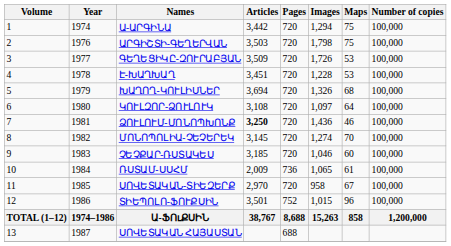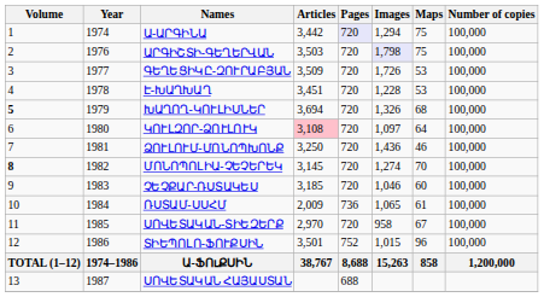 <table class="wikitable">
 <tr>
 <th>Volume</th>
 <th>Year</th>
 <th>Names</th>
 <th>Articles</th>
 <th>Pages</th>
 <th>Images</th>
 <th>Maps</th>
 <th>Number of copies</th>
 </tr>
 <tr>
 <td>1</td>
 <td>1974</td>
 <td><a href='#'>Ա-ԱՐԳԻՆԱ</a></td>
 <td>3,442</td>
-<td>720</td>
+<td style="background: lavender;">720</td>
 <td>1,294</td>
 <td>75</td>
 <td>100,000</td>
 </tr>
 <tr>
 <td>2</td>
 <td>1976</td>
 <td><a href='#'>ԱՐԳԻՇՏԻ-ԳԵՂԵՐՎԱՆ</a></td>
 <td>3,503</td>
 <td>720</td>
-<td>1,798</td>
+<td style="background: lavender;">1,798</td>
 <td>75</td>
 <td>100,000</td>
 </tr>
 <tr>
 <td>3</td>
 <td>1977</td>
 <td><a href='#'>ԳԵՂԵՑԻԿԸ-ԶՈՒՐԱԲՅԱՆ</a></td>
 <td>3,509</td>
 <td>720</td>
 <td>1,726</td>
 <td>53</td>
 <td>100,000</td>
 </tr>
 <tr>
 <td>4</td>
 <td>1978</td>
 <td><a href='#'>Է-ԽԱՂԽԱՂ</a></td>
 <td>3,451</td>
 <td>720</td>
 <td>1,228</td>
 <td>53</td>
 <td>100,000</td>
 </tr>
 <tr>
-<td>5</td>
+<td><strong>5</strong></td>
 <td>1979</td>
 <td><a href='#'>ԽԱՂՈՂ-ԿՈՒԼԻՍՆԵՐ</a></td>
 <td>3,694</td>
 <td>720</td>
 <td>1,326</td>
 <td>68</td>
 <td>100,000</td>
 </tr>
 <tr>
 <td>6</td>
 <td>1980</td>
 <td><a href='#'>ԿՈՒԼԶՈՐ-ՁՈՒԼՈՒԿ</a></td>
-<td>3,108</td>
+<td style="background: pink;">3,108</td>
 <td>720</td>
 <td>1,097</td>
 <td>64</td>
 <td>100,000</td>
 </tr>
 <tr>
 <td>7</td>
 <td>1981</td>
 <td><a href='#'>ՁՈՒԼՈՒՄ-ՄՈՆՈՊԽՈՆՔ</a></td>
-<td><strong>3,250</strong></td>
+<td>3,250</td>
 <td>720</td>
 <td>1,436</td>
 <td>46</td>
 <td>100,000</td>
 </tr>
 <tr>
-<td>8</td>
+<td><strong>8</strong></td>
 <td>1982</td>
 <td><a href='#'>ՄՈՆՈՊՈԼԻԱ-ՉԵՉԵՐԵԿ</a></td>
 <td>3,145</td>
 <td>720</td>
 <td>1,274</td>
 <td>70</td>
 <td>100,000</td>
 </tr>
 <tr>
 <td>9</td>
 <td>1983</td>
 <td><a href='#'>ՉԵՉՔԱՐ-ՌՍՏԱԿԵՍ</a></td>
 <td>3,185</td>
 <td>720</td>
 <td>1,046</td>
 <td>60</td>
 <td>100,000</td>
 </tr>
 <tr>
 <td>10</td>
 <td>1984</td>
 <td><a href='#'>ՌՍՏԱՄ-ՍՍՀՄ</a></td>
 <td>2,009</td>
 <td>736</td>
 <td>1,065</td>
 <td>61</td>
 <td>100,000</td>
 </tr>
 <tr>
 <td>11</td>
 <td>1985</td>
 <td><a href='#'>ՍՈՎԵՏԱԿԱՆ-ՏԻԵԶԵՐՔ</a></td>
 <td>2,970</td>
 <td>720</td>
 <td>958</td>
 <td>67</td>
 <td>100,000</td>
 </tr>
 <tr>
 <td>12</td>
 <td>1986</td>
 <td><a href='#'>ՏԻԵՊՈԼՈ-ՖՈՒՔՍԻՆ</a></td>
 <td>3,501</td>
 <td>752</td>
 <td>1,015</td>
 <td>96</td>
 <td>100,000</td>
 </tr>
 <tr>
 <th><strong>TOTAL (1–12)</strong></th>
 <th>1974–1986</th>
 <th>Ա-ՖՈւՔՍԻՆ</th>
 <th>38,767</th>
 <th>8,688</th>
 <th>15,263</th>
 <th>858</th>
 <th>1,200,000</th>
 </tr>
 <tr>
 <td>13</td>
 <td>1987</td>
 <td><a href='#'>ՍՈՎԵՏԱԿԱՆ ՀԱՅԱՍՏԱՆ</a></td>
 <td></td>
 <td>688</td>
 <td></td>
 <td></td>
 <td></td>
 </tr>
 <tr>
 </tr>
 </table>
